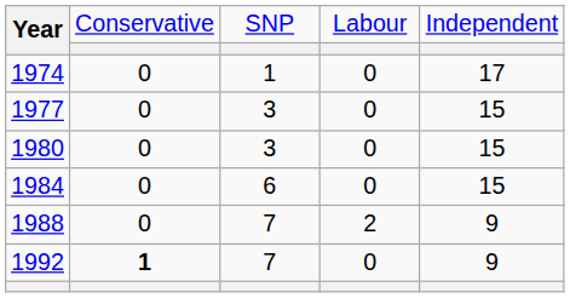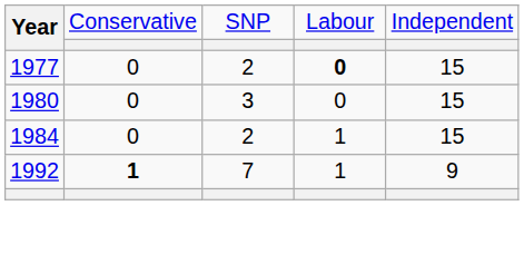 <table class=wikitable style=text-align:center>
 <tr>
 <th rowspan=2>Year</th>
 <td width="60"><a href='#'>Conservative</a></td>
 <td width="60"><a href='#'>SNP</a></td>
 <td width="60"><a href='#'>Labour</a></td>
 <td width="60"><a href='#'>Independent</a></td>
 </tr>
 <tr>
 <th style="background-color: "></th>
 <th style="background-color: "></th>
 <th style="background-color: "></th>
 <th style="background-color: "></th>
 </tr>
 <tr>
-<td><a href='#'>1974</a></td>
-<td>0</td>
-<td>1</td>
-<td>0</td>
-<td>17</td>
-</tr>
-<tr>
 <td><a href='#'>1977</a></td>
 <td>0</td>
-<td>3</td>
-<td>0</td>
+<td>2</td>
+<td><strong>0</strong></td>
 <td>15</td>
 </tr>
 <tr>
 <td><a href='#'>1980</a></td>
 <td>0</td>
 <td>3</td>
 <td>0</td>
 <td>15</td>
 </tr>
 <tr>
 <td><a href='#'>1984</a></td>
 <td>0</td>
-<td>6</td>
-<td>0</td>
+<td>2</td>
+<td>1</td>
 <td>15</td>
-</tr>
-<tr>
-<td><a href='#'>1988</a></td>
-<td>0</td>
-<td>7</td>
-<td>2</td>
-<td>9</td>
 </tr>
 <tr>
 <td><a href='#'>1992</a></td>
 <td><strong>1</strong></td>
 <td>7</td>
-<td>0</td>
+<td>1</td>
 <td>9</td>
 </tr>
 <tr>
 <th></th>
 <th style="background-color: "></th>
 <th style="background-color: "></th>
 <th style="background-color: "></th>
 <th style="background-color: "></th>
 </tr>
 </table>
